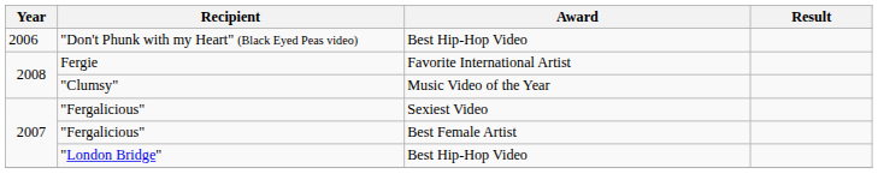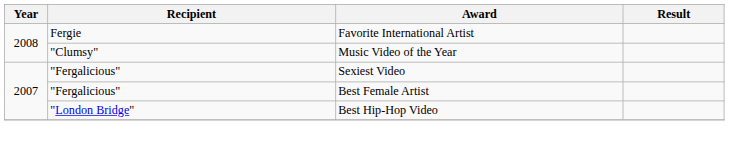 <table style="width: 75%;" class="wikitable">
 <tr>
 <th style="width:6%;">Year</th>
 <th style="width:40%;">Recipient</th>
 <th style="width:40%;">Award</th>
 <th style="width:14%;">Result</th>
-</tr>
-<tr>
-<td>2006</td>
-<td>"Don't Phunk with my Heart" <small>(Black Eyed Peas video)</small></td>
-<td>Best Hip-Hop Video</td>
-<td></td>
 </tr>
 <tr>
 <td rowspan="2" style="text-align:center;">2008</td>
 <td rowspan="1" style="text-align:left;">Fergie</td>
 <td>Favorite International Artist</td>
 <td></td>
 </tr>
 <tr>
 <td rowspan="1" style="text-align:left;">"Clumsy"</td>
 <td>Music Video of the Year</td>
 <td></td>
 </tr>
 <tr>
 <td rowspan="3" style="text-align:center;">2007</td>
 <td rowspan="1" style="text-align:left;">"Fergalicious"</td>
 <td>Sexiest Video</td>
 <td></td>
 </tr>
 <tr>
 <td rowspan="1" style="text-align:left;">"Fergalicious"</td>
 <td>Best Female Artist</td>
 <td></td>
 </tr>
 <tr>
 <td rowspan="1" style="text-align:left;">"<a href='#'>London Bridge</a>"</td>
 <td>Best Hip-Hop Video</td>
 <td></td>
 </tr>
 <tr>
 </tr>
 </table>
